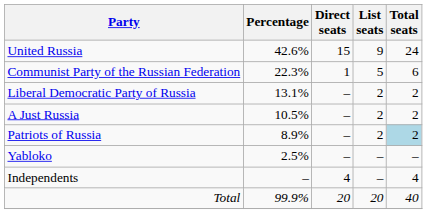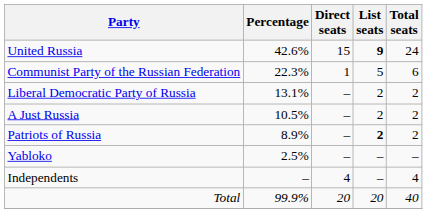 <table class="wikitable" style="text-align:right">
 <tr class="backgroundcolour5" style="text-align:center">
 <th><a href='#'>Party</a></th>
 <th>Percentage</th>
 <th>Direct <br>seats</th>
 <th>List<br>seats</th>
 <th>Total <br>seats</th>
 </tr>
 <tr>
 <td style="text-align:left"><a href='#'>United Russia</a></td>
 <td>42.6%</td>
 <td>15</td>
-<td>9</td>
+<td><strong>9</strong></td>
 <td>24</td>
 </tr>
 <tr>
 <td style="text-align:left"><a href='#'>Communist Party of the Russian Federation</a></td>
 <td>22.3%</td>
 <td>1</td>
 <td>5</td>
 <td>6</td>
 </tr>
 <tr>
 <td style="text-align:left"><a href='#'>Liberal Democratic Party of Russia</a></td>
 <td>13.1%</td>
 <td>–</td>
 <td>2</td>
 <td>2</td>
 </tr>
 <tr>
 <td style="text-align:left"><a href='#'>A Just Russia</a></td>
 <td>10.5%</td>
 <td>–</td>
 <td>2</td>
 <td>2</td>
 </tr>
 <tr>
 <td style="text-align:left"><a href='#'>Patriots of Russia</a></td>
 <td>8.9%</td>
 <td>–</td>
+<td><strong>2</strong></td>
 <td>2</td>
-<td style="background: lightblue;">2</td>
 </tr>
 <tr>
 <td style="text-align:left"><a href='#'>Yabloko</a></td>
 <td>2.5%</td>
 <td>–</td>
 <td>–</td>
 <td>–</td>
 </tr>
 <tr>
 <td style="text-align:left">Independents</td>
 <td>–</td>
 <td>4</td>
 <td>–</td>
 <td>4</td>
 </tr>
 <tr>
 <td><em>Total</em></td>
 <td><em>99.9%</em></td>
 <td><em>20</em></td>
 <td><em>20</em></td>
 <td><em>40</em></td>
 </tr>
 <tr>
 </tr>
 </table>
